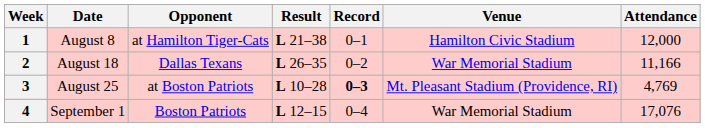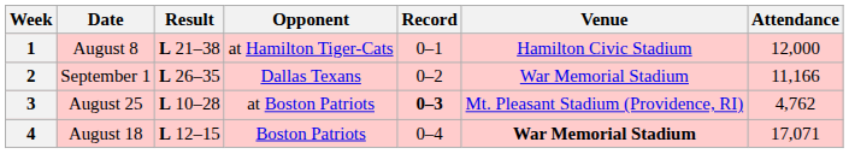 <table class="wikitable" style="text-align:center">
 <tr>
 <th>Week</th>
 <th>Date</th>
+<th>Result</th>
 <th>Opponent</th>
-<th>Result</th>
 <th>Record</th>
 <th>Venue</th>
 <th>Attendance</th>
 </tr>
 <tr style="background:#fcc">
 <th>1</th>
 <td>August 8</td>
+<td><strong>L</strong> 21–38</td>
 <td>at <a href='#'>Hamilton Tiger-Cats</a></td>
-<td><strong>L</strong> 21–38</td>
 <td>0–1</td>
 <td><a href='#'>Hamilton Civic Stadium</a></td>
 <td>12,000 </td>
 </tr>
 <tr style="background:#fcc">
 <th>2</th>
-<td>August 18</td>
+<td>September 1</td>
+<td><strong>L</strong> 26–35</td>
 <td><a href='#'>Dallas Texans</a></td>
-<td><strong>L</strong> 26–35</td>
 <td>0–2</td>
 <td><a href='#'>War Memorial Stadium</a></td>
 <td>11,166</td>
 </tr>
 <tr style="background:#fcc">
 <th>3</th>
 <td>August 25</td>
+<td><strong>L</strong> 10–28</td>
 <td>at <a href='#'>Boston Patriots</a></td>
-<td><strong>L</strong> 10–28</td>
 <td><strong>0–3</strong></td>
 <td><a href='#'>Mt. Pleasant Stadium (Providence, RI)</a></td>
-<td>4,769</td>
+<td>4,762</td>
 </tr>
 <tr style="background:#fcc">
 <th>4</th>
-<td>September 1</td>
+<td>August 18</td>
+<td><strong>L</strong> 12–15</td>
 <td><a href='#'>Boston Patriots</a></td>
-<td><strong>L</strong> 12–15</td>
 <td>0–4</td>
-<td>War Memorial Stadium</td>
-<td>17,076</td>
+<td><strong>War Memorial Stadium</strong></td>
+<td>17,071</td>
 </tr>
 </table>
